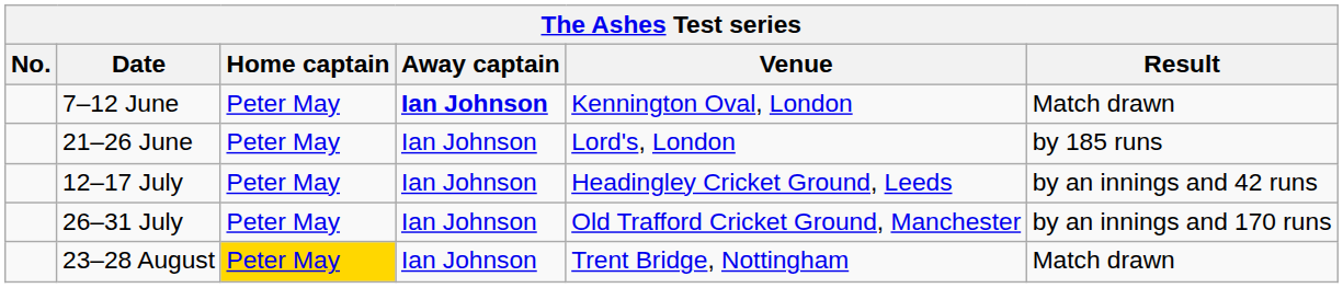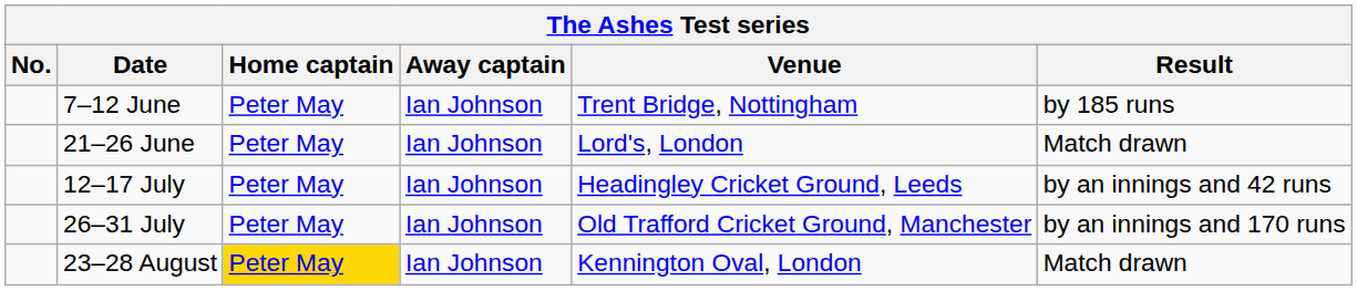 <table class="wikitable">
 <tr>
 <th colspan="9"><a href='#'>The Ashes</a> Test series</th>
 </tr>
 <tr>
 <th>No.</th>
 <th>Date</th>
 <th>Home captain</th>
 <th>Away captain</th>
 <th>Venue</th>
 <th>Result</th>
 </tr>
 <tr>
 <td></td>
 <td>7–12 June</td>
 <td><a href='#'>Peter May</a></td>
-<td><strong><a href='#'>Ian Johnson</a></strong></td>
-<td><a href='#'>Kennington Oval</a>, <a href='#'>London</a></td>
-<td>Match drawn</td>
+<td><a href='#'>Ian Johnson</a></td>
+<td><a href='#'>Trent Bridge</a>, <a href='#'>Nottingham</a></td>
+<td> by 185 runs</td>
 </tr>
 <tr>
 <td></td>
 <td>21–26 June</td>
 <td><a href='#'>Peter May</a></td>
 <td><a href='#'>Ian Johnson</a></td>
 <td><a href='#'>Lord's</a>, <a href='#'>London</a></td>
-<td> by 185 runs</td>
+<td>Match drawn</td>
 </tr>
 <tr>
 <td></td>
 <td>12–17 July</td>
 <td><a href='#'>Peter May</a></td>
 <td><a href='#'>Ian Johnson</a></td>
 <td><a href='#'>Headingley Cricket Ground</a>, <a href='#'>Leeds</a></td>
 <td> by an innings and 42 runs</td>
 </tr>
 <tr>
 <td></td>
 <td>26–31 July</td>
 <td><a href='#'>Peter May</a></td>
 <td><a href='#'>Ian Johnson</a></td>
 <td><a href='#'>Old Trafford Cricket Ground</a>, <a href='#'>Manchester</a></td>
 <td> by an innings and 170 runs</td>
 </tr>
 <tr>
 <td></td>
 <td>23–28 August</td>
 <td style="background: gold;"><a href='#'>Peter May</a></td>
 <td><a href='#'>Ian Johnson</a></td>
-<td><a href='#'>Trent Bridge</a>, <a href='#'>Nottingham</a></td>
+<td><a href='#'>Kennington Oval</a>, <a href='#'>London</a></td>
 <td>Match drawn</td>
 </tr>
 </table>
